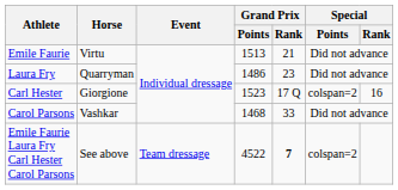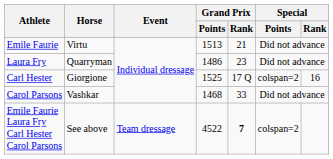 <table class=wikitable style="font-size:90%">
 <tr>
 <th rowspan="2">Athlete</th>
 <th rowspan="2">Horse</th>
 <th rowspan="2">Event</th>
 <th colspan="2">Grand Prix</th>
 <th colspan="2">Special</th>
 </tr>
 <tr>
 <th>Points</th>
 <th>Rank</th>
 <th>Points</th>
 <th>Rank</th>
 </tr>
 <tr>
 <td><a href='#'>Emile Faurie</a></td>
 <td>Virtu</td>
 <td rowspan=4><a href='#'>Individual dressage</a></td>
 <td style="text-align:center;">1513</td>
 <td style="text-align:center;">21</td>
 <td colspan=2 style="text-align:center;">Did not advance</td>
 </tr>
 <tr>
 <td><a href='#'>Laura Fry</a></td>
 <td>Quarryman</td>
 <td style="text-align:center;">1486</td>
 <td style="text-align:center;">23</td>
 <td colspan=2 style="text-align:center;">Did not advance</td>
 </tr>
 <tr>
 <td><a href='#'>Carl Hester</a></td>
 <td>Giorgione</td>
-<td style="text-align:center;">1523</td>
+<td style="text-align:center;">1525</td>
 <td style="text-align:center;">17 Q</td>
 <td>colspan=2</td>
 <td style="text-align:center;">16</td>
 </tr>
 <tr>
 <td><a href='#'>Carol Parsons</a></td>
 <td>Vashkar</td>
 <td style="text-align:center;">1468</td>
 <td style="text-align:center;">33</td>
 <td colspan=2 style="text-align:center;">Did not advance</td>
 </tr>
 <tr>
 <td><a href='#'>Emile Faurie</a><br><a href='#'>Laura Fry</a><br><a href='#'>Carl Hester</a><br><a href='#'>Carol Parsons</a></td>
 <td>See above</td>
 <td><a href='#'>Team dressage</a></td>
 <td style="text-align:center;">4522</td>
 <td style="text-align:center;"><strong>7</strong></td>
 <td>colspan=2</td>
 </tr>
 </table>
